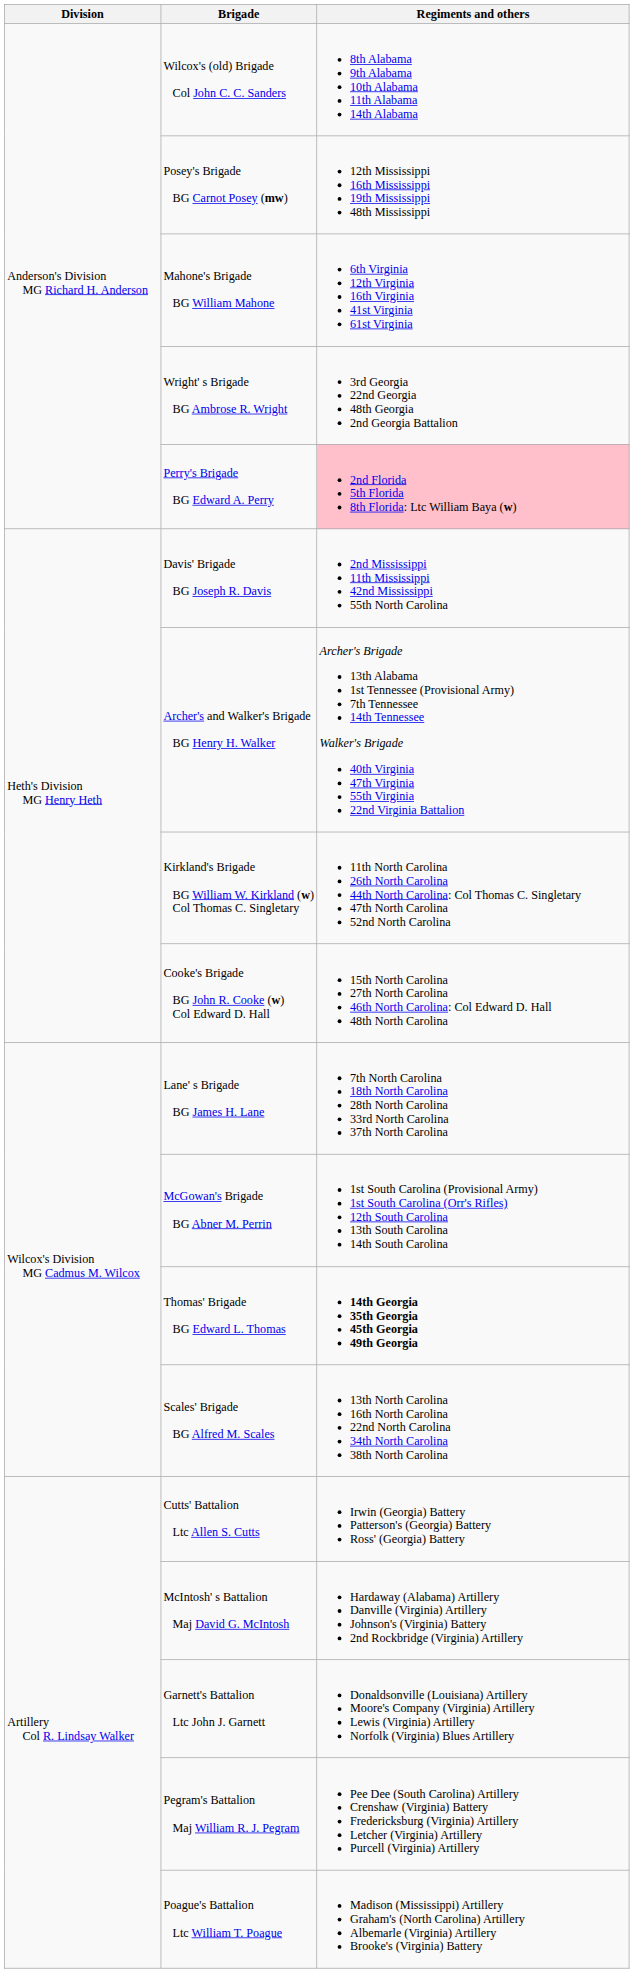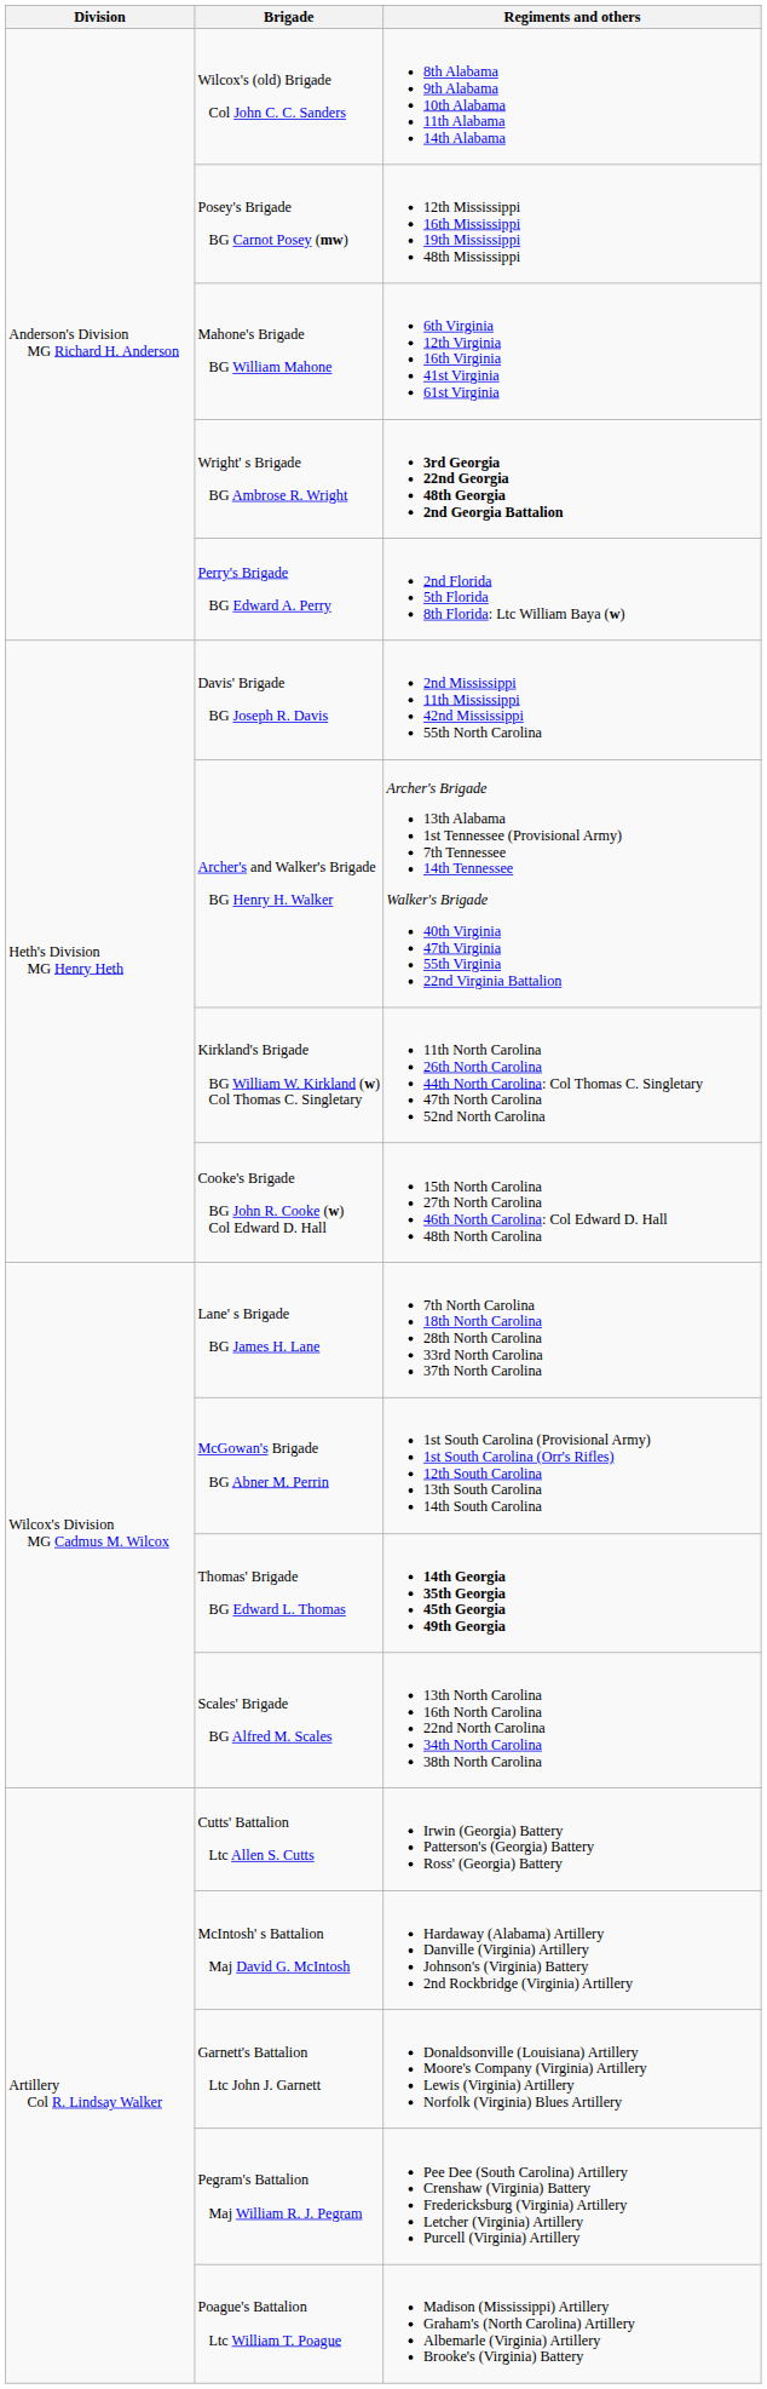 <table class="wikitable">
 <tr>
 <th width=25%>Division</th>
 <th width=25%>Brigade</th>
 <th>Regiments and others</th>
 </tr>
 <tr>
 <td rowspan=5><br>Anderson's Division <br>     MG <a href='#'>Richard H. Anderson</a></td>
 <td>Wilcox's (old) Brigade<br><br>   Col <a href='#'>John C. C. Sanders</a></td>
 <td><br><ul><li><a href='#'>8th Alabama</a></li><li><a href='#'>9th Alabama</a></li><li><a href='#'>10th Alabama</a></li><li><a href='#'>11th Alabama</a></li><li><a href='#'>14th Alabama</a></li></ul></td>
 </tr>
 <tr>
 <td>Posey's Brigade<br><br>   BG <a href='#'>Carnot Posey</a> (<strong>mw</strong>)</td>
 <td><br><ul><li>12th Mississippi</li><li><a href='#'>16th Mississippi</a></li><li><a href='#'>19th Mississippi</a></li><li>48th Mississippi</li></ul></td>
 </tr>
 <tr>
 <td>Mahone's Brigade<br><br>   BG <a href='#'>William Mahone</a></td>
 <td><br><ul><li><a href='#'>6th Virginia</a></li><li><a href='#'>12th Virginia</a></li><li><a href='#'>16th Virginia</a></li><li><a href='#'>41st Virginia</a></li><li><a href='#'>61st Virginia</a></li></ul></td>
 </tr>
 <tr>
 <td>Wright' s Brigade<br><br>   BG <a href='#'>Ambrose R. Wright</a></td>
-<td><br><ul><li>3rd Georgia</li><li>22nd Georgia</li><li>48th Georgia</li><li>2nd Georgia Battalion</li></ul></td>
+<td><strong><br><ul><li>3rd Georgia</li><li>22nd Georgia</li><li>48th Georgia</li><li>2nd Georgia Battalion</li></ul></strong></td>
 </tr>
 <tr>
 <td><a href='#'>Perry's Brigade</a><br><br>   BG <a href='#'>Edward A. Perry</a></td>
-<td style="background: pink;"><br><ul><li><a href='#'>2nd Florida</a></li><li><a href='#'>5th Florida</a></li><li><a href='#'>8th Florida</a>: Ltc William Baya (<strong>w</strong>)</li></ul></td>
+<td><br><ul><li><a href='#'>2nd Florida</a></li><li><a href='#'>5th Florida</a></li><li><a href='#'>8th Florida</a>: Ltc William Baya (<strong>w</strong>)</li></ul></td>
 </tr>
 <tr>
 <td rowspan=4><br>Heth's Division <br>     MG <a href='#'>Henry Heth</a></td>
 <td>Davis' Brigade<br><br>   BG <a href='#'>Joseph R. Davis</a></td>
 <td><br><ul><li><a href='#'>2nd Mississippi</a></li><li><a href='#'>11th Mississippi</a></li><li><a href='#'>42nd Mississippi</a></li><li>55th North Carolina</li></ul></td>
 </tr>
 <tr>
 <td><a href='#'>Archer's</a> and Walker's Brigade<br><br>   BG <a href='#'>Henry H. Walker</a></td>
 <td><br><em>Archer's Brigade</em><ul><li>13th Alabama</li><li>1st Tennessee (Provisional Army)</li><li>7th Tennessee</li><li><a href='#'>14th Tennessee</a></li></ul><em>Walker's Brigade</em><ul><li><a href='#'>40th Virginia</a></li><li><a href='#'>47th Virginia</a></li><li><a href='#'>55th Virginia</a></li><li><a href='#'>22nd Virginia Battalion</a></li></ul></td>
 </tr>
 <tr>
 <td>Kirkland's Brigade<br><br>   BG <a href='#'>William W. Kirkland</a> (<strong>w</strong>) <br>   Col Thomas C. Singletary</td>
 <td><br><ul><li>11th North Carolina</li><li><a href='#'>26th North Carolina</a></li><li><a href='#'>44th North Carolina</a>: Col Thomas C. Singletary</li><li>47th North Carolina</li><li>52nd North Carolina</li></ul></td>
 </tr>
 <tr>
 <td>Cooke's Brigade<br><br>   BG <a href='#'>John R. Cooke</a> (<strong>w</strong>) <br>   Col Edward D. Hall</td>
 <td><br><ul><li>15th North Carolina</li><li>27th North Carolina</li><li><a href='#'>46th North Carolina</a>: Col Edward D. Hall</li><li>48th North Carolina</li></ul></td>
 </tr>
 <tr>
 <td rowspan=4><br>Wilcox's Division <br>     MG <a href='#'>Cadmus M. Wilcox</a></td>
 <td>Lane' s Brigade<br><br>   BG <a href='#'>James H. Lane</a></td>
 <td><br><ul><li>7th North Carolina</li><li><a href='#'>18th North Carolina</a></li><li>28th North Carolina</li><li>33rd North Carolina</li><li>37th North Carolina</li></ul></td>
 </tr>
 <tr>
 <td><a href='#'>McGowan's</a> Brigade<br><br>   BG <a href='#'>Abner M. Perrin</a></td>
 <td><br><ul><li>1st South Carolina (Provisional Army)</li><li><a href='#'>1st South Carolina (Orr's Rifles)</a></li><li><a href='#'>12th South Carolina</a></li><li>13th South Carolina</li><li>14th South Carolina</li></ul></td>
 </tr>
 <tr>
 <td>Thomas' Brigade<br><br>   BG <a href='#'>Edward L. Thomas</a></td>
 <td><strong><br><ul><li>14th Georgia</li><li>35th Georgia</li><li>45th Georgia</li><li>49th Georgia</li></ul></strong></td>
 </tr>
 <tr>
 <td>Scales' Brigade<br><br>   BG <a href='#'>Alfred M. Scales</a></td>
 <td><br><ul><li>13th North Carolina</li><li>16th North Carolina</li><li>22nd North Carolina</li><li><a href='#'>34th North Carolina</a></li><li>38th North Carolina</li></ul></td>
 </tr>
 <tr>
 <td rowspan=5><br>Artillery <br>     Col <a href='#'>R. Lindsay Walker</a></td>
 <td>Cutts' Battalion<br><br>   Ltc <a href='#'>Allen S. Cutts</a></td>
 <td><br><ul><li>Irwin (Georgia) Battery</li><li>Patterson's (Georgia) Battery</li><li>Ross' (Georgia) Battery</li></ul></td>
 </tr>
 <tr>
 <td>McIntosh' s Battalion<br><br>   Maj <a href='#'>David G. McIntosh</a></td>
 <td><br><ul><li>Hardaway (Alabama) Artillery</li><li>Danville (Virginia) Artillery</li><li>Johnson's (Virginia) Battery</li><li>2nd Rockbridge (Virginia) Artillery</li></ul></td>
 </tr>
 <tr>
 <td>Garnett's Battalion<br><br>   Ltc John J. Garnett</td>
 <td><br><ul><li>Donaldsonville (Louisiana) Artillery</li><li>Moore's Company (Virginia) Artillery</li><li>Lewis (Virginia) Artillery</li><li>Norfolk (Virginia) Blues Artillery</li></ul></td>
 </tr>
 <tr>
 <td>Pegram's Battalion<br><br>   Maj <a href='#'>William R. J. Pegram</a></td>
 <td><br><ul><li>Pee Dee (South Carolina) Artillery</li><li>Crenshaw (Virginia) Battery</li><li>Fredericksburg (Virginia) Artillery</li><li>Letcher (Virginia) Artillery</li><li>Purcell (Virginia) Artillery</li></ul></td>
 </tr>
 <tr>
 <td>Poague's Battalion<br><br>   Ltc <a href='#'>William T. Poague</a></td>
 <td><br><ul><li>Madison (Mississippi) Artillery</li><li>Graham's (North Carolina) Artillery</li><li>Albemarle (Virginia) Artillery</li><li>Brooke's (Virginia) Battery</li></ul></td>
 </tr>
 </table>
